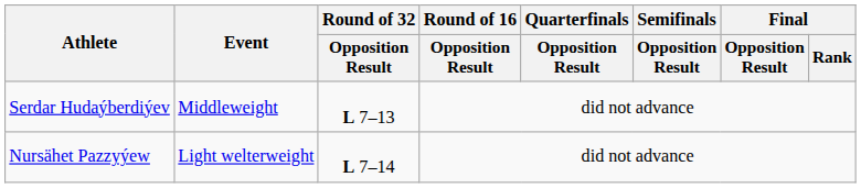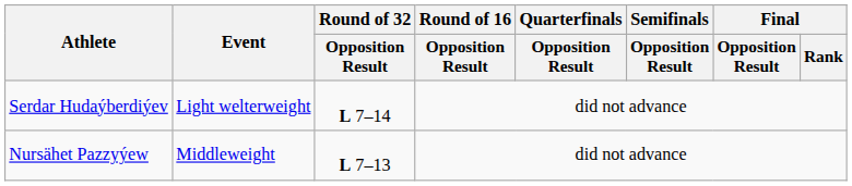 <table class="wikitable" style="font-size:90%">
 <tr>
 <th rowspan=2>Athlete</th>
 <th rowspan=2>Event</th>
 <th>Round of 32</th>
 <th>Round of 16</th>
 <th>Quarterfinals</th>
 <th>Semifinals</th>
 <th colspan=2>Final</th>
 </tr>
 <tr style="font-size:95%">
 <th>Opposition<br>Result</th>
 <th>Opposition<br>Result</th>
 <th>Opposition<br>Result</th>
 <th>Opposition<br>Result</th>
 <th>Opposition<br>Result</th>
 <th>Rank</th>
 </tr>
 <tr align=center>
 <td align=left><a href='#'>Serdar Hudaýberdiýev</a></td>
+<td align=left><a href='#'>Light welterweight</a></td>
+<td><br><strong>L</strong> 7–14</td>
+<td colspan=5>did not advance</td>
+</tr>
+<tr align=center>
+<td align=left><a href='#'>Nursähet Pazzyýew</a></td>
 <td align=left><a href='#'>Middleweight</a></td>
 <td><br><strong>L</strong> 7–13</td>
 <td colspan=5>did not advance</td>
 </tr>
-<tr align=center>
-<td align=left><a href='#'>Nursähet Pazzyýew</a></td>
-<td align=left><a href='#'>Light welterweight</a></td>
-<td><br><strong>L</strong> 7–14</td>
-<td colspan=5>did not advance</td>
-</tr>
 </table>
